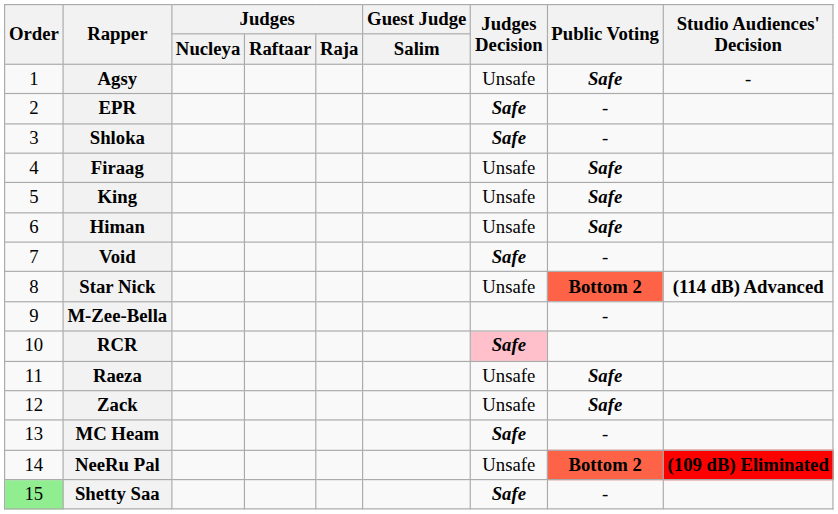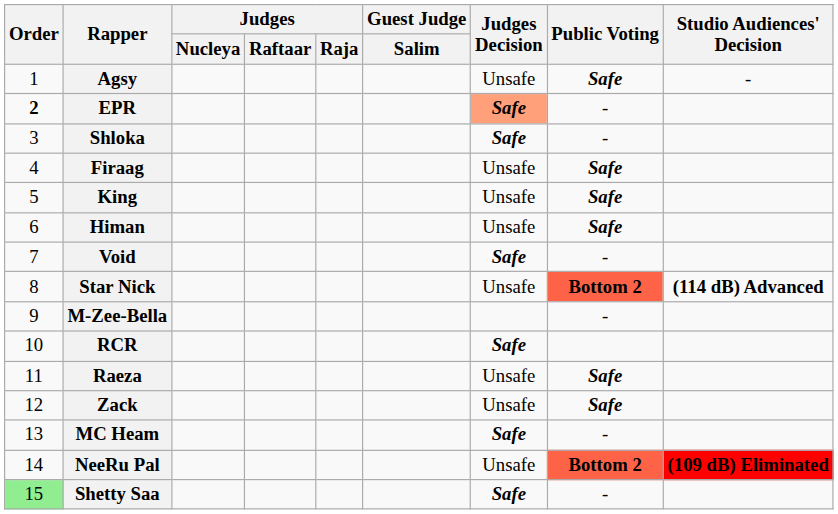 <table class="wikitable" style="text-align:center">
 <tr>
 <th rowspan="2">Order</th>
 <th rowspan="2">Rapper</th>
 <th colspan="3">Judges</th>
 <th>Guest Judge</th>
 <th rowspan="2">Judges<br>Decision</th>
 <th rowspan="2">Public Voting</th>
 <th rowspan="2">Studio Audiences'<br>Decision</th>
 </tr>
 <tr>
 <th>Nucleya</th>
 <th>Raftaar</th>
 <th>Raja</th>
 <th>Salim</th>
 </tr>
 <tr>
 <td>1</td>
 <th>Agsy</th>
 <td></td>
 <td></td>
 <td></td>
 <td></td>
 <td>Unsafe</td>
 <td><strong><em>Safe</em></strong></td>
 <td>-</td>
 </tr>
 <tr>
-<td>2</td>
+<td><strong>2</strong></td>
 <th>EPR</th>
 <td></td>
 <td></td>
 <td></td>
 <td></td>
-<td><strong><em>Safe</em></strong></td>
+<td style="background: lightsalmon;"><strong><em>Safe</em></strong></td>
 <td>-</td>
 <td></td>
 </tr>
 <tr>
 <td>3</td>
 <th>Shloka</th>
 <td></td>
 <td></td>
 <td></td>
 <td></td>
 <td><strong><em>Safe</em></strong></td>
 <td>-</td>
 <td></td>
 </tr>
 <tr>
 <td>4</td>
 <th>Firaag</th>
 <td></td>
 <td></td>
 <td></td>
 <td></td>
 <td>Unsafe</td>
 <td><strong><em>Safe</em></strong></td>
 <td></td>
 </tr>
 <tr>
 <td>5</td>
 <th>King</th>
 <td></td>
 <td></td>
 <td></td>
 <td></td>
 <td>Unsafe</td>
 <td><strong><em>Safe</em></strong></td>
 <td></td>
 </tr>
 <tr>
 <td>6</td>
 <th>Himan</th>
 <td></td>
 <td></td>
 <td></td>
 <td></td>
 <td>Unsafe</td>
 <td><strong><em>Safe</em></strong></td>
 <td></td>
 </tr>
 <tr>
 <td>7</td>
 <th>Void</th>
 <td></td>
 <td></td>
 <td></td>
 <td></td>
 <td><strong><em>Safe</em></strong></td>
 <td>-</td>
 <td></td>
 </tr>
 <tr>
 <td>8</td>
 <th>Star Nick</th>
 <td></td>
 <td></td>
 <td></td>
 <td></td>
 <td>Unsafe</td>
 <td bgcolor="tomato"><strong>Bottom 2</strong></td>
 <td><strong>(114 dB) Advanced</strong></td>
 </tr>
 <tr>
 <td>9</td>
 <th>M-Zee-Bella</th>
 <td></td>
 <td></td>
 <td></td>
 <td></td>
 <td><strong></strong></td>
 <td>-</td>
 <td></td>
 </tr>
 <tr>
 <td>10</td>
 <th>RCR</th>
 <td></td>
 <td></td>
 <td></td>
 <td></td>
-<td style="background: pink;"><strong><em>Safe</em></strong></td>
+<td><strong><em>Safe</em></strong></td>
 <td></td>
 </tr>
 <tr>
 <td>11</td>
 <th>Raeza</th>
 <td></td>
 <td></td>
 <td></td>
 <td></td>
 <td>Unsafe</td>
 <td><strong><em>Safe</em></strong></td>
 <td></td>
 </tr>
 <tr>
 <td>12</td>
 <th>Zack</th>
 <td></td>
 <td></td>
 <td></td>
 <td></td>
 <td>Unsafe</td>
 <td><strong><em>Safe</em></strong></td>
 <td></td>
 </tr>
 <tr>
 <td>13</td>
 <th>MC Heam</th>
 <td></td>
 <td></td>
 <td></td>
 <td></td>
 <td><strong><em>Safe</em></strong></td>
 <td>-</td>
 <td></td>
 </tr>
 <tr>
 <td>14</td>
 <th>NeeRu Pal</th>
 <td></td>
 <td></td>
 <td></td>
 <td></td>
 <td>Unsafe</td>
 <td bgcolor="tomato"><strong>Bottom 2</strong></td>
 <td bgcolor="red"><strong>(109 dB) Eliminated</strong></td>
 </tr>
 <tr>
 <td style="background: lightgreen;">15</td>
 <th>Shetty Saa</th>
 <td></td>
 <td></td>
 <td></td>
 <td></td>
 <td><strong><em>Safe</em></strong></td>
 <td>-</td>
 <td></td>
 </tr>
 </table>
